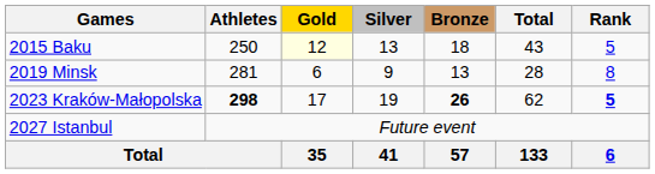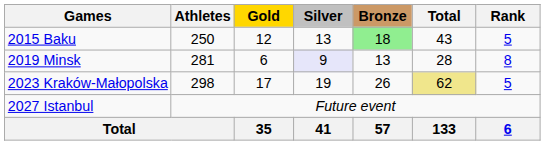 <table class="wikitable" style="text-align:center; font-size:90%;">
 <tr>
 <th>Games</th>
 <th>Athletes</th>
 <td style="background:gold; width:3.7em; font-weight:bold;">Gold</td>
 <td style="background:silver; width:3.7em; font-weight:bold;">Silver</td>
 <td style="background:#cc9966; width:3.7em; font-weight:bold;">Bronze</td>
 <th style="width:4em; font-weight:bold;">Total</th>
 <th style="width:4em; font-weight:bold;">Rank</th>
 </tr>
 <tr>
 <td align=left> <a href='#'>2015 Baku</a></td>
 <td>250</td>
-<td style="background: lightyellow;">12</td>
+<td>12</td>
 <td>13</td>
-<td>18</td>
+<td style="background: lightgreen;">18</td>
 <td>43</td>
 <td><a href='#'>5</a></td>
 </tr>
 <tr>
 <td align=left> <a href='#'>2019 Minsk</a></td>
 <td>281</td>
 <td>6</td>
-<td>9</td>
+<td style="background: lavender;">9</td>
 <td>13</td>
 <td>28</td>
 <td><a href='#'>8</a></td>
 </tr>
 <tr>
 <td align=left> <a href='#'>2023 Kraków-Małopolska</a></td>
-<td><strong>298</strong></td>
+<td>298</td>
 <td>17</td>
 <td>19</td>
-<td><strong>26</strong></td>
-<td>62</td>
-<td><strong><a href='#'>5</a></strong></td>
+<td>26</td>
+<td style="background: khaki;">62</td>
+<td><a href='#'>5</a></td>
 </tr>
 <tr>
 <td align=left> <a href='#'>2027 Istanbul</a></td>
 <td colspan=6><em>Future event</em></td>
 </tr>
 <tr>
 <th colspan=2>Total</th>
 <th>35</th>
 <th>41</th>
 <th>57</th>
 <th>133</th>
 <th><a href='#'>6</a></th>
 </tr>
 </table>
